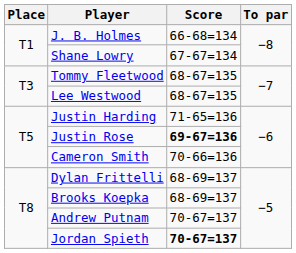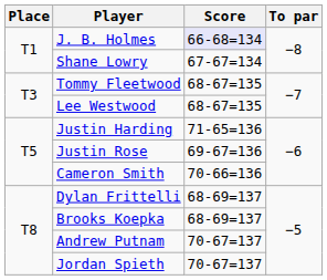 <table class="wikitable">
 <tr>
 <th>Place</th>
 <th>Player</th>
 <th>Score</th>
 <th>To par</th>
 </tr>
 <tr>
 <td align=center rowspan=2>T1</td>
 <td> <a href='#'>J. B. Holmes</a></td>
-<td align=center>66-68=134</td>
+<td align=center style="background: lavender;">66-68=134</td>
 <td align=center rowspan=2>−8</td>
 </tr>
 <tr>
 <td> <a href='#'>Shane Lowry</a></td>
 <td align=center>67-67=134</td>
 </tr>
 <tr>
 <td align=center rowspan=2>T3</td>
 <td> <a href='#'>Tommy Fleetwood</a></td>
 <td align=center>68-67=135</td>
 <td align=center rowspan=2>−7</td>
 </tr>
 <tr>
 <td> <a href='#'>Lee Westwood</a></td>
 <td align=center>68-67=135</td>
 </tr>
 <tr>
 <td align=center rowspan=3>T5</td>
 <td> <a href='#'>Justin Harding</a></td>
 <td align=center>71-65=136</td>
 <td align=center rowspan=3>−6</td>
 </tr>
 <tr>
 <td> <a href='#'>Justin Rose</a></td>
-<td align=center><strong>69-67=136</strong></td>
+<td align=center>69-67=136</td>
 </tr>
 <tr>
 <td> <a href='#'>Cameron Smith</a></td>
 <td align=center>70-66=136</td>
 </tr>
 <tr>
 <td align=center rowspan=4>T8</td>
 <td> <a href='#'>Dylan Frittelli</a></td>
 <td align=center>68-69=137</td>
 <td align=center rowspan=4>−5</td>
 </tr>
 <tr>
 <td> <a href='#'>Brooks Koepka</a></td>
 <td align=center>68-69=137</td>
 </tr>
 <tr>
 <td> <a href='#'>Andrew Putnam</a></td>
 <td align=center>70-67=137</td>
 </tr>
 <tr>
 <td> <a href='#'>Jordan Spieth</a></td>
-<td align=center><strong>70-67=137</strong></td>
+<td align=center>70-67=137</td>
 </tr>
 </table>
